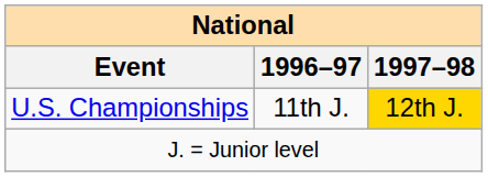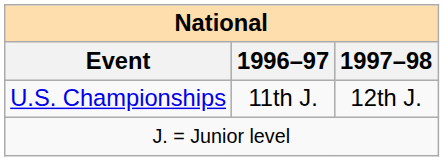 <table class="wikitable" style="text-align:center">
 <tr>
 <th style="background-color: #ffdead; " colspan=3 align=center><strong>National</strong></th>
 </tr>
 <tr>
 <th>Event</th>
 <th>1996–97</th>
 <th>1997–98</th>
 </tr>
 <tr>
 <td align=left><a href='#'>U.S. Championships</a></td>
 <td>11th J.</td>
-<td style="background: gold;">12th J.</td>
+<td>12th J.</td>
 </tr>
 <tr>
 <td colspan=3 align=center><small> J. = Junior level </small></td>
 </tr>
 </table>
